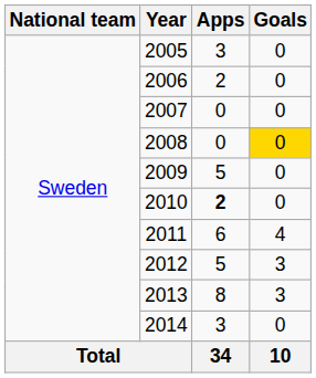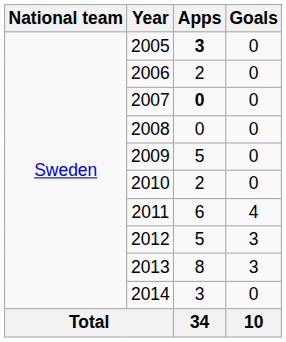 <table class="wikitable" style="text-align:center">
 <tr>
 <th>National team</th>
 <th>Year</th>
 <th>Apps</th>
 <th>Goals</th>
 </tr>
 <tr>
 <td rowspan="10"><a href='#'>Sweden</a></td>
 <td>2005</td>
-<td>3</td>
+<td><strong>3</strong></td>
 <td>0</td>
 </tr>
 <tr>
 <td>2006</td>
 <td>2</td>
 <td>0</td>
 </tr>
 <tr>
 <td>2007</td>
-<td>0</td>
+<td><strong>0</strong></td>
 <td>0</td>
 </tr>
 <tr>
 <td>2008</td>
 <td>0</td>
-<td style="background: gold;">0</td>
+<td>0</td>
 </tr>
 <tr>
 <td>2009</td>
 <td>5</td>
 <td>0</td>
 </tr>
 <tr>
 <td>2010</td>
-<td><strong>2</strong></td>
+<td>2</td>
 <td>0</td>
 </tr>
 <tr>
 <td>2011</td>
 <td>6</td>
 <td>4</td>
 </tr>
 <tr>
 <td>2012</td>
 <td>5</td>
 <td>3</td>
 </tr>
 <tr>
 <td>2013</td>
 <td>8</td>
 <td>3</td>
 </tr>
 <tr>
 <td>2014</td>
 <td>3</td>
 <td>0</td>
 </tr>
 <tr>
 <th colspan="2">Total</th>
 <th>34</th>
 <th>10</th>
 </tr>
 </table>
